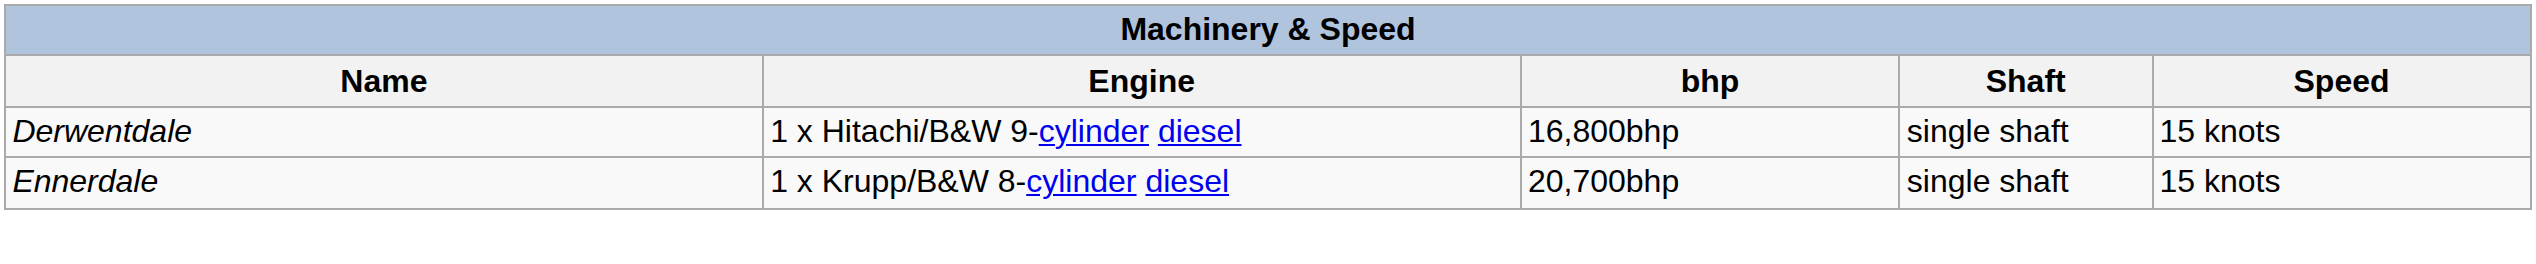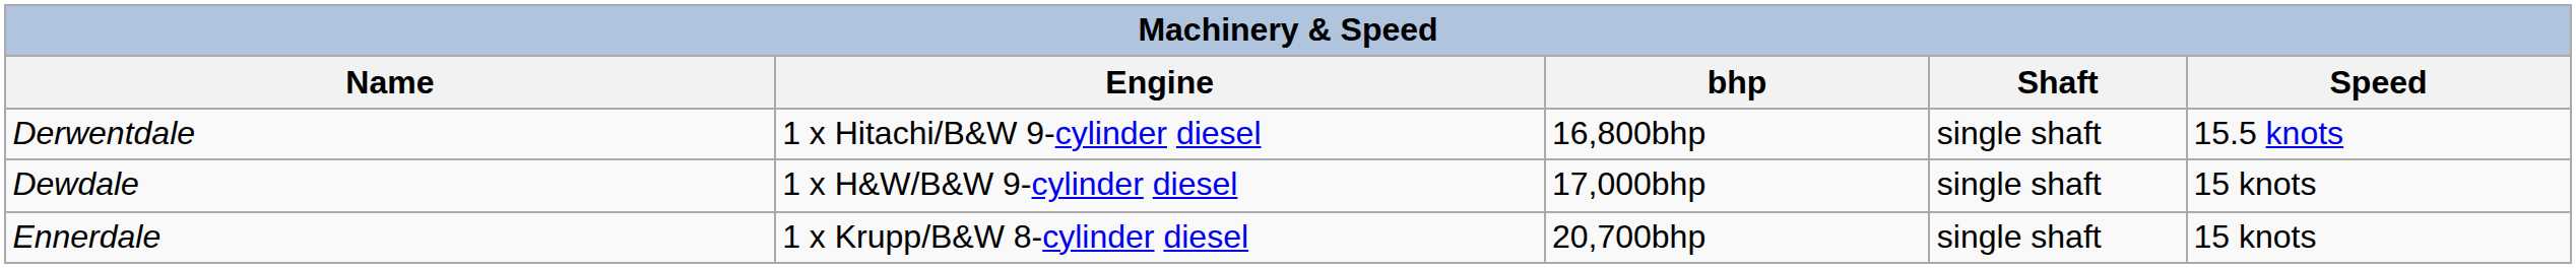 <table class="wikitable" style="margin:auto; width:100%;">
 <tr>
 <th style="align: center; background:#B0C4DE;" colspan="5">Machinery & Speed</th>
 </tr>
 <tr>
 <th style="text-align:center; width:30%;">Name</th>
 <th style="text-align:center; width:30%;">Engine</th>
 <th style="text-align:center; width:15%;">bhp</th>
 <th style="text-align:center; width:10%;">Shaft</th>
 <th style="text-align:center; width:15%;">Speed</th>
 </tr>
 <tr>
 <td><em>Derwentdale</em></td>
 <td>1 x Hitachi/B&W 9-<a href='#'>cylinder</a> <a href='#'>diesel</a></td>
 <td>16,800bhp</td>
 <td>single shaft</td>
+<td>15.5 <a href='#'>knots</a></td>
+</tr>
+<tr>
+<td><em>Dewdale</em></td>
+<td>1 x H&W/B&W 9-<a href='#'>cylinder</a> <a href='#'>diesel</a></td>
+<td>17,000bhp</td>
+<td>single shaft</td>
 <td>15 knots</td>
 </tr>
 <tr>
 <td><em>Ennerdale</em></td>
 <td>1 x Krupp/B&W 8-<a href='#'>cylinder</a> <a href='#'>diesel</a></td>
 <td>20,700bhp</td>
 <td>single shaft</td>
 <td>15 knots</td>
 </tr>
 </table>
